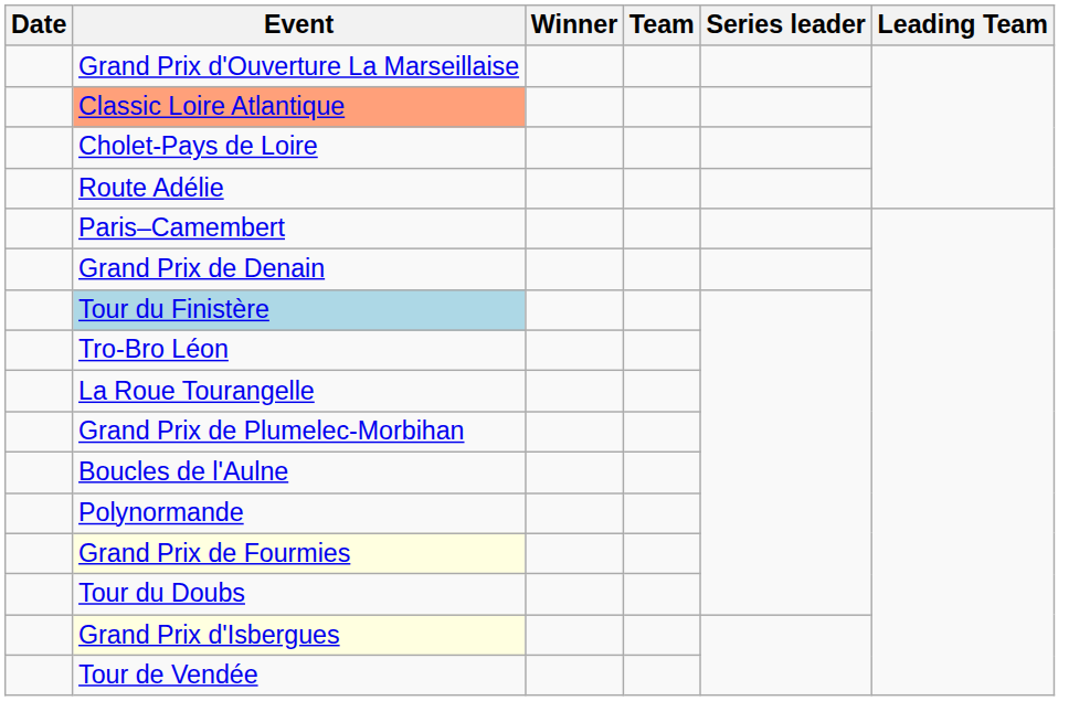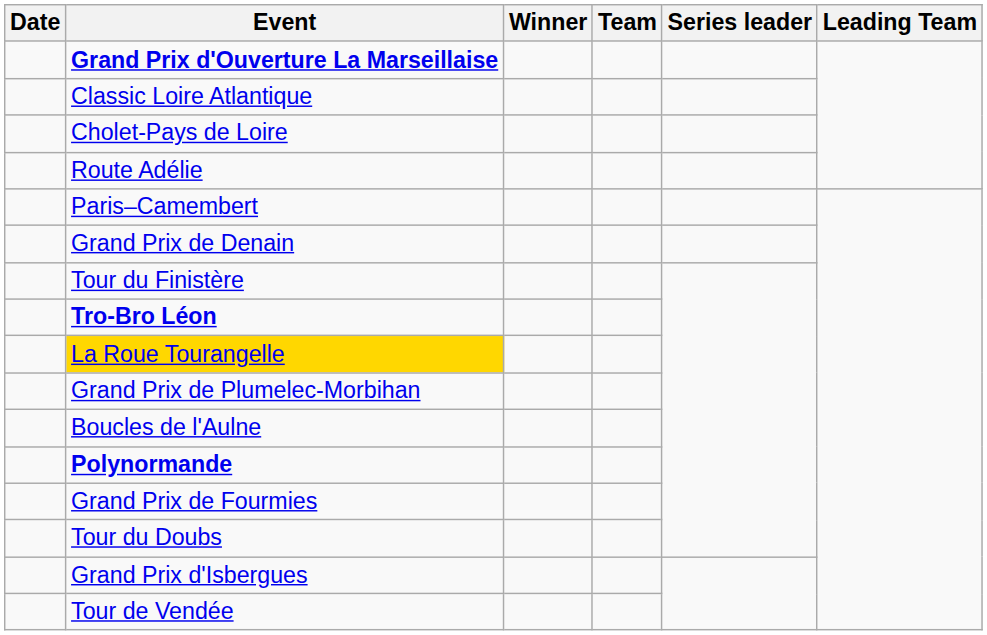 <table class="wikitable sortable">
 <tr>
 <th>Date</th>
 <th>Event</th>
 <th>Winner</th>
 <th>Team</th>
 <th class="unsortable">Series leader</th>
 <th class="unsortable">Leading Team</th>
 </tr>
 <tr>
 <td></td>
-<td><a href='#'>Grand Prix d'Ouverture La Marseillaise</a></td>
+<td><strong><a href='#'>Grand Prix d'Ouverture La Marseillaise</a></strong></td>
 <td></td>
 <td></td>
 <td></td>
 <td rowspan=4></td>
 </tr>
 <tr>
 <td></td>
-<td style="background: lightsalmon;"><a href='#'>Classic Loire Atlantique</a></td>
+<td><a href='#'>Classic Loire Atlantique</a></td>
 <td></td>
 <td></td>
 <td></td>
 </tr>
 <tr>
 <td></td>
 <td><a href='#'>Cholet-Pays de Loire</a></td>
 <td></td>
 <td></td>
 <td></td>
 </tr>
 <tr>
 <td></td>
 <td><a href='#'>Route Adélie</a></td>
 <td></td>
 <td></td>
 <td></td>
 </tr>
 <tr>
 <td></td>
 <td><a href='#'>Paris–Camembert</a></td>
 <td></td>
 <td></td>
 <td></td>
 <td rowspan=12></td>
 </tr>
 <tr>
 <td></td>
 <td><a href='#'>Grand Prix de Denain</a></td>
 <td></td>
 <td></td>
 <td></td>
 </tr>
 <tr>
 <td></td>
-<td style="background: lightblue;"><a href='#'>Tour du Finistère</a></td>
+<td><a href='#'>Tour du Finistère</a></td>
 <td></td>
 <td></td>
 <td rowspan=8></td>
 </tr>
 <tr>
 <td></td>
-<td><a href='#'>Tro-Bro Léon</a></td>
+<td><strong><a href='#'>Tro-Bro Léon</a></strong></td>
 <td></td>
 <td></td>
 </tr>
 <tr>
 <td></td>
-<td><a href='#'>La Roue Tourangelle</a></td>
+<td style="background: gold;"><a href='#'>La Roue Tourangelle</a></td>
 <td></td>
 <td></td>
 </tr>
 <tr>
 <td></td>
 <td><a href='#'>Grand Prix de Plumelec-Morbihan</a></td>
 <td></td>
 <td></td>
 </tr>
 <tr>
 <td></td>
 <td><a href='#'>Boucles de l'Aulne</a></td>
 <td></td>
 <td></td>
 </tr>
 <tr>
 <td></td>
-<td><a href='#'>Polynormande</a></td>
+<td><strong><a href='#'>Polynormande</a></strong></td>
 <td></td>
 <td></td>
 </tr>
 <tr>
 <td></td>
-<td style="background: lightyellow;"><a href='#'>Grand Prix de Fourmies</a></td>
+<td><a href='#'>Grand Prix de Fourmies</a></td>
 <td></td>
 <td></td>
 </tr>
 <tr>
 <td></td>
 <td><a href='#'>Tour du Doubs</a></td>
 <td></td>
 <td></td>
 </tr>
 <tr>
 <td></td>
-<td style="background: lightyellow;"><a href='#'>Grand Prix d'Isbergues</a></td>
+<td><a href='#'>Grand Prix d'Isbergues</a></td>
 <td></td>
 <td></td>
 <td rowspan=2></td>
 </tr>
 <tr>
 <td></td>
 <td><a href='#'>Tour de Vendée</a></td>
 <td></td>
 <td></td>
 </tr>
 </table>
